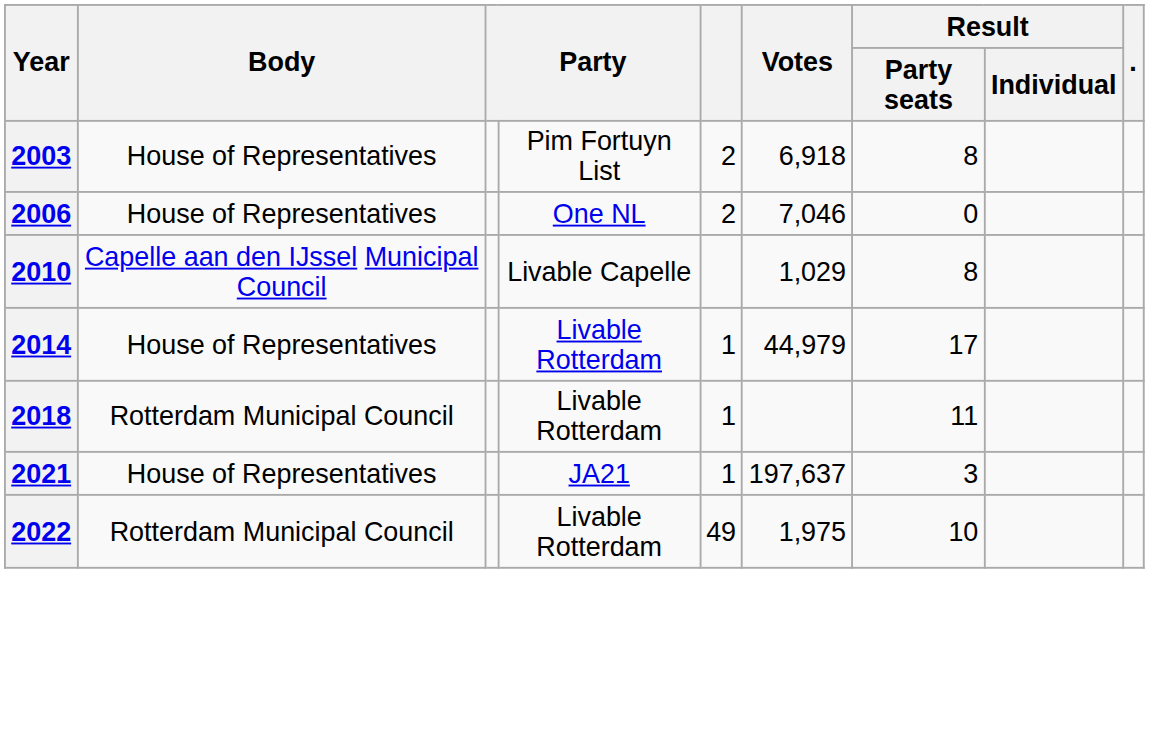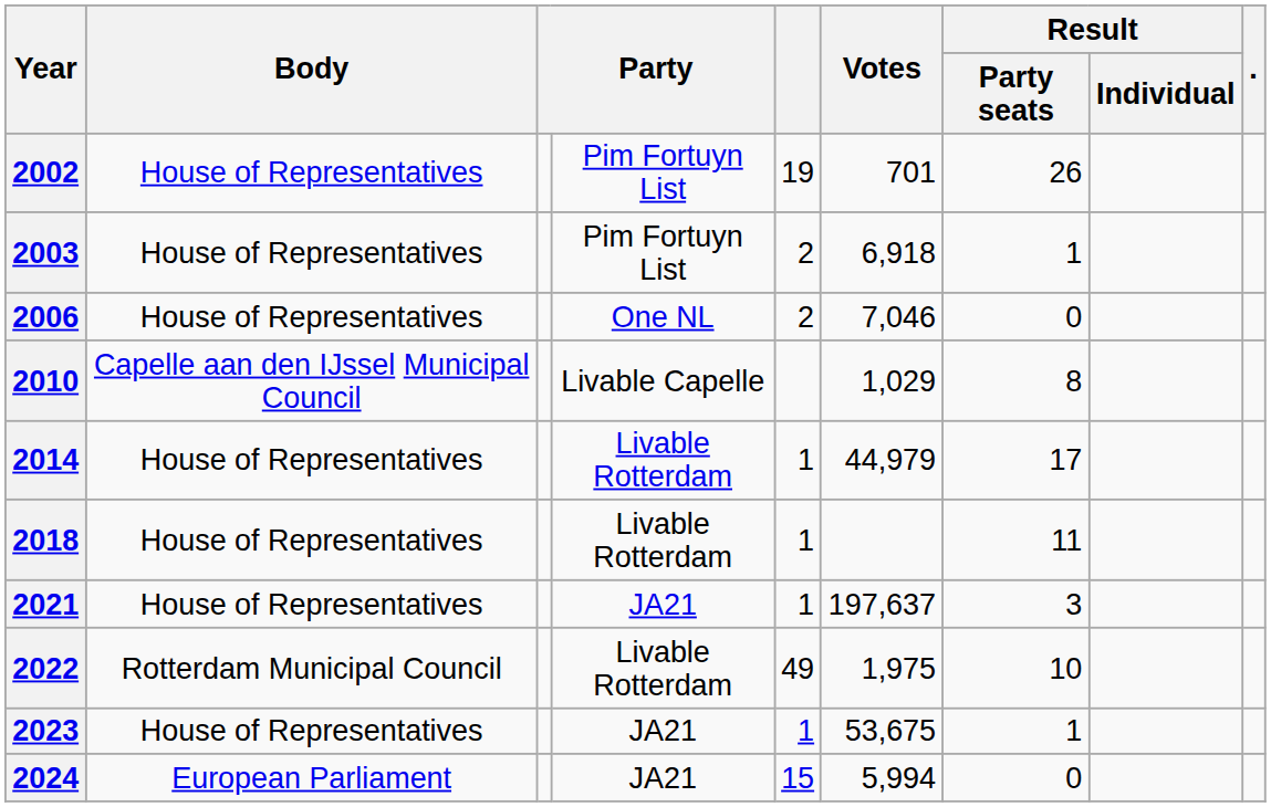 <table class="wikitable plainrowheaders sortable" border=2 cellpadding=4 cellspacing=0 style="border: 1px #aaa solid; font-size: 90%; text-align:center;">
 <tr>
 <th scope="col" rowspan=2>Year</th>
 <th scope="col" rowspan=2>Body</th>
 <th scope="col" colspan=2 rowspan=2>Party</th>
 <th scope="col" rowspan=2></th>
 <th scope="col" rowspan=2>Votes</th>
 <th scope="colgroup" colspan=2>Result</th>
 <th scope="col" rowspan=2 class="unsortable">.</th>
 </tr>
 <tr>
 <th scope="col">Party seats</th>
 <th scope="col">Individual</th>
 </tr>
 <tr>
+<th scope="row"><a href='#'>2002</a></th>
+<td><a href='#'>House of Representatives</a></td>
+<td style="background-color:"></td>
+<td><a href='#'>Pim Fortuyn List</a></td>
+<td style=text-align:right>19</td>
+<td style=text-align:right>701</td>
+<td style=text-align:right>26</td>
+<td></td>
+<td></td>
+</tr>
+<tr>
 <th scope="row"><a href='#'>2003</a></th>
 <td>House of Representatives</td>
 <td style="background-color:"></td>
 <td>Pim Fortuyn List</td>
 <td style=text-align:right>2</td>
 <td style=text-align:right>6,918</td>
-<td style=text-align:right>8</td>
+<td style=text-align:right>1</td>
 <td></td>
 <td></td>
 </tr>
 <tr>
 <th scope="row"><a href='#'>2006</a></th>
 <td>House of Representatives</td>
 <td style="background-color:"></td>
 <td><a href='#'>One NL</a></td>
 <td style=text-align:right>2</td>
 <td style=text-align:right>7,046</td>
 <td style=text-align:right>0</td>
 <td></td>
 <td></td>
 </tr>
 <tr>
 <th scope="row"><a href='#'>2010</a></th>
 <td><a href='#'>Capelle aan den IJssel</a> <a href='#'>Municipal Council</a></td>
 <td style="background-color:"></td>
 <td>Livable Capelle</td>
 <td style=text-align:right></td>
 <td style=text-align:right>1,029</td>
 <td style=text-align:right>8</td>
 <td></td>
 <td></td>
 </tr>
 <tr>
 <th scope="row"><a href='#'>2014</a></th>
 <td>House of Representatives</td>
 <td style="background-color:"></td>
 <td><a href='#'>Livable Rotterdam</a></td>
 <td style=text-align:right>1</td>
 <td style=text-align:right>44,979</td>
 <td style=text-align:right>17</td>
 <td></td>
 <td></td>
 </tr>
 <tr>
 <th scope="row"><a href='#'>2018</a></th>
-<td>Rotterdam Municipal Council</td>
+<td>House of Representatives</td>
 <td style="background-color:"></td>
 <td>Livable Rotterdam</td>
 <td style=text-align:right>1</td>
 <td style=text-align:right></td>
 <td style=text-align:right>11</td>
 <td></td>
 <td></td>
 </tr>
 <tr>
 <th scope="row"><a href='#'>2021</a></th>
 <td>House of Representatives</td>
 <td style="background-color:"></td>
 <td><a href='#'>JA21</a></td>
 <td style=text-align:right>1</td>
 <td style=text-align:right>197,637</td>
 <td style=text-align:right>3</td>
 <td></td>
 <td></td>
 </tr>
 <tr>
 <th scope="row"><a href='#'>2022</a></th>
 <td>Rotterdam Municipal Council</td>
 <td style="background-color:"></td>
 <td>Livable Rotterdam</td>
 <td style=text-align:right>49</td>
 <td style=text-align:right>1,975</td>
 <td style=text-align:right>10</td>
 <td></td>
 <td></td>
 </tr>
+<tr>
+<th scope="row"><a href='#'>2023</a></th>
+<td>House of Representatives</td>
+<td style="background-color:"></td>
+<td>JA21</td>
+<td style=text-align:right><a href='#'>1</a></td>
+<td style=text-align:right>53,675</td>
+<td style=text-align:right>1</td>
+<td></td>
+<td></td>
+</tr>
+<tr>
+<th scope="row"><a href='#'>2024</a></th>
+<td><a href='#'>European Parliament</a></td>
+<td style="background-color:"></td>
+<td>JA21</td>
+<td style=text-align:right><a href='#'>15</a></td>
+<td style=text-align:right>5,994</td>
+<td style=text-align:right>0</td>
+<td></td>
+<td></td>
+</tr>
 </table>
